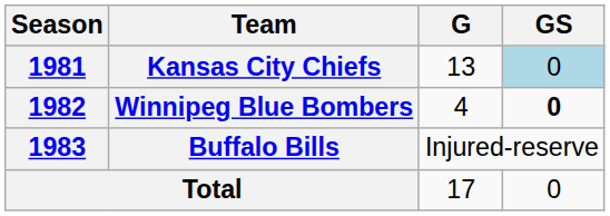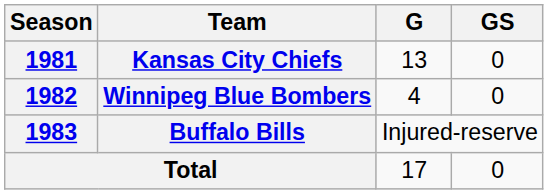 <table class=wikitable style="text-align:center;">
 <tr>
 <th>Season</th>
 <th>Team</th>
 <th>G</th>
 <th>GS</th>
 </tr>
 <tr>
 <th><a href='#'>1981</a></th>
 <th><a href='#'>Kansas City Chiefs</a></th>
 <td>13</td>
-<td style="background: lightblue;">0</td>
+<td>0</td>
 </tr>
 <tr>
 <th><a href='#'>1982</a></th>
 <th><a href='#'>Winnipeg Blue Bombers</a></th>
 <td>4</td>
-<td><strong>0</strong></td>
+<td>0</td>
 </tr>
 <tr>
 <th><a href='#'>1983</a></th>
 <th><a href='#'>Buffalo Bills</a></th>
 <td colspan=2>Injured-reserve</td>
 </tr>
 <tr>
 <th colspan=2>Total</th>
 <td>17</td>
 <td>0</td>
 </tr>
 </table>
